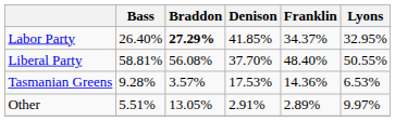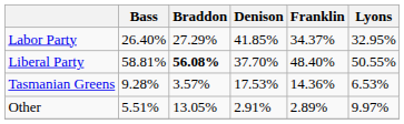 <table class="wikitable">
 <tr>
 <th></th>
 <th>Bass</th>
 <th>Braddon</th>
 <th>Denison</th>
 <th>Franklin</th>
 <th>Lyons</th>
 </tr>
 <tr>
 <td><a href='#'>Labor Party</a></td>
 <td>26.40%</td>
-<td><strong>27.29%</strong></td>
+<td>27.29%</td>
 <td>41.85%</td>
 <td>34.37%</td>
 <td>32.95%</td>
 </tr>
 <tr>
 <td><a href='#'>Liberal Party</a></td>
 <td>58.81%</td>
-<td>56.08%</td>
+<td><strong>56.08%</strong></td>
 <td>37.70%</td>
 <td>48.40%</td>
 <td>50.55%</td>
 </tr>
 <tr>
 <td><a href='#'>Tasmanian Greens</a></td>
 <td>9.28%</td>
 <td>3.57%</td>
 <td>17.53%</td>
 <td>14.36%</td>
 <td>6.53%</td>
 </tr>
 <tr>
 <td>Other</td>
 <td>5.51%</td>
 <td>13.05%</td>
 <td>2.91%</td>
 <td>2.89%</td>
 <td>9.97%</td>
 </tr>
 <tr>
 </tr>
 </table>
